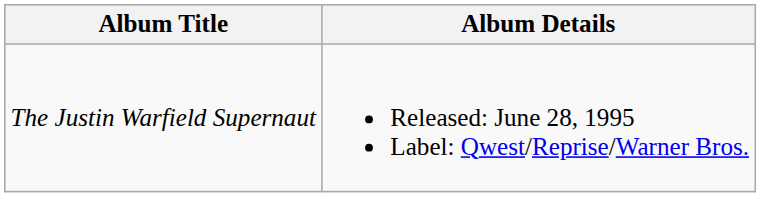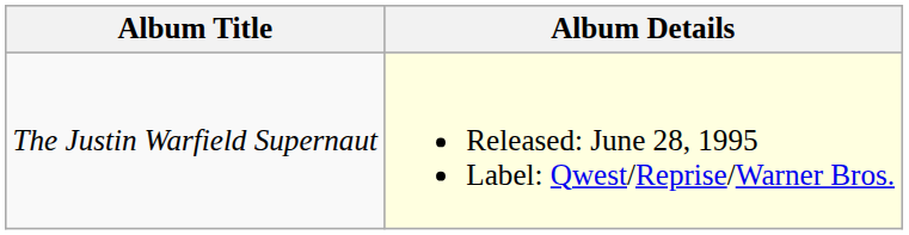 <table class="wikitable">
 <tr>
 <th>Album Title</th>
 <th>Album Details</th>
 </tr>
 <tr>
 <td><em>The Justin Warfield Supernaut</em></td>
-<td><br><ul><li>Released: June 28, 1995</li><li>Label: <a href='#'>Qwest</a>/<a href='#'>Reprise</a>/<a href='#'>Warner Bros.</a></li></ul></td>
+<td style="background: lightyellow;"><br><ul><li>Released: June 28, 1995</li><li>Label: <a href='#'>Qwest</a>/<a href='#'>Reprise</a>/<a href='#'>Warner Bros.</a></li></ul></td>
 </tr>
 </table>
